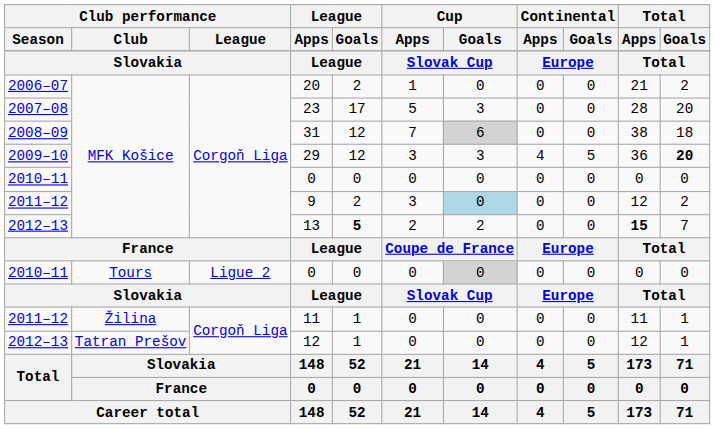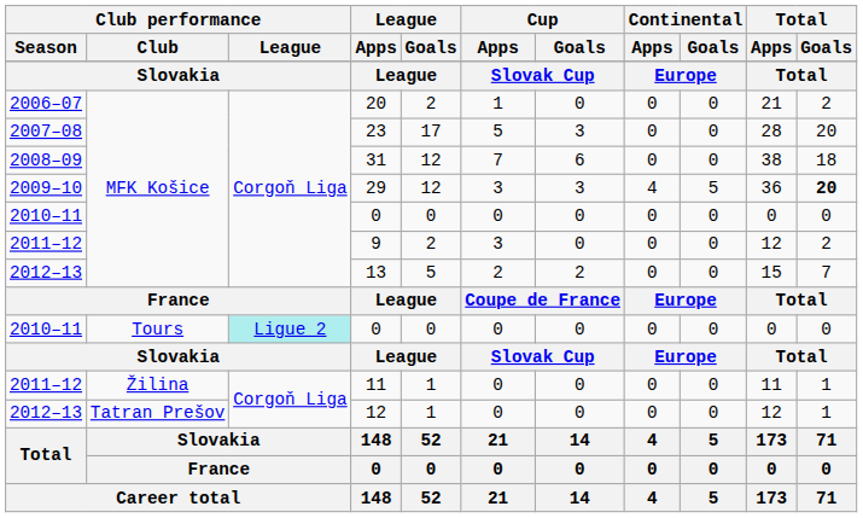 <table class="wikitable" style="text-align:center">
 <tr>
 <th colspan=3>Club performance</th>
 <th colspan=2>League</th>
 <th colspan=2>Cup</th>
 <th colspan=2>Continental</th>
 <th colspan=2>Total</th>
 </tr>
 <tr>
 <th>Season</th>
 <th>Club</th>
 <th>League</th>
 <th>Apps</th>
 <th>Goals</th>
 <th>Apps</th>
 <th>Goals</th>
 <th>Apps</th>
 <th>Goals</th>
 <th>Apps</th>
 <th>Goals</th>
 </tr>
 <tr>
 </tr>
 <tr>
 <th colspan=3>Slovakia</th>
 <th colspan=2>League</th>
 <th colspan=2><a href='#'>Slovak Cup</a></th>
 <th colspan=2><a href='#'>Europe</a></th>
 <th colspan=2>Total</th>
 </tr>
 <tr>
 <td><a href='#'>2006–07</a></td>
 <td rowspan="7"><a href='#'>MFK Košice</a></td>
 <td rowspan="7"><a href='#'>Corgoň Liga</a></td>
 <td>20</td>
 <td>2</td>
 <td>1</td>
 <td>0</td>
 <td>0</td>
 <td>0</td>
 <td>21</td>
 <td>2</td>
 </tr>
 <tr>
 <td><a href='#'>2007–08</a></td>
 <td>23</td>
 <td>17</td>
 <td>5</td>
 <td>3</td>
 <td>0</td>
 <td>0</td>
 <td>28</td>
 <td>20</td>
 </tr>
 <tr>
 <td><a href='#'>2008–09</a></td>
 <td>31</td>
 <td>12</td>
 <td>7</td>
-<td style="background: lightgrey;">6</td>
+<td>6</td>
 <td>0</td>
 <td>0</td>
 <td>38</td>
 <td>18</td>
 </tr>
 <tr>
 <td><a href='#'>2009–10</a></td>
 <td>29</td>
 <td>12</td>
 <td>3</td>
 <td>3</td>
 <td>4</td>
 <td>5</td>
 <td>36</td>
 <td><strong>20</strong></td>
 </tr>
 <tr>
 <td><a href='#'>2010–11</a></td>
 <td>0</td>
 <td>0</td>
 <td>0</td>
 <td>0</td>
 <td>0</td>
 <td>0</td>
 <td>0</td>
 <td>0</td>
 </tr>
 <tr>
 <td><a href='#'>2011–12</a></td>
 <td>9</td>
 <td>2</td>
 <td>3</td>
-<td style="background: lightblue;">0</td>
+<td>0</td>
 <td>0</td>
 <td>0</td>
 <td>12</td>
 <td>2</td>
 </tr>
 <tr>
 <td><a href='#'>2012–13</a></td>
 <td>13</td>
-<td><strong>5</strong></td>
+<td>5</td>
 <td>2</td>
 <td>2</td>
 <td>0</td>
 <td>0</td>
-<td><strong>15</strong></td>
+<td>15</td>
 <td>7</td>
 </tr>
 <tr>
 <th colspan=3>France</th>
 <th colspan=2>League</th>
 <th colspan=2><a href='#'>Coupe de France</a></th>
 <th colspan=2><a href='#'>Europe</a></th>
 <th colspan=2>Total</th>
 </tr>
 <tr>
 <td><a href='#'>2010–11</a></td>
 <td rowspan="1"><a href='#'>Tours</a></td>
-<td rowspan="1"><a href='#'>Ligue 2</a></td>
+<td rowspan="1" style="background: paleturquoise;"><a href='#'>Ligue 2</a></td>
 <td>0</td>
 <td>0</td>
 <td>0</td>
-<td style="background: lightgrey;">0</td>
+<td>0</td>
 <td>0</td>
 <td>0</td>
 <td>0</td>
 <td>0</td>
 </tr>
 <tr>
 <th colspan=3>Slovakia</th>
 <th colspan=2>League</th>
 <th colspan=2><a href='#'>Slovak Cup</a></th>
 <th colspan=2><a href='#'>Europe</a></th>
 <th colspan=2>Total</th>
 </tr>
 <tr>
 <td><a href='#'>2011–12</a></td>
 <td rowspan="1"><a href='#'>Žilina</a></td>
 <td rowspan="2"><a href='#'>Corgoň Liga</a></td>
 <td>11</td>
 <td>1</td>
 <td>0</td>
 <td>0</td>
 <td>0</td>
 <td>0</td>
 <td>11</td>
 <td>1</td>
 </tr>
 <tr>
 <td><a href='#'>2012–13</a></td>
 <td rowspan="1"><a href='#'>Tatran Prešov</a></td>
 <td>12</td>
 <td>1</td>
 <td>0</td>
 <td>0</td>
 <td>0</td>
 <td>0</td>
 <td>12</td>
 <td>1</td>
 </tr>
 <tr>
 <th rowspan=2>Total</th>
 <th colspan=2>Slovakia</th>
 <th>148</th>
 <th>52</th>
 <th>21</th>
 <th>14</th>
 <th>4</th>
 <th>5</th>
 <th>173</th>
 <th>71</th>
 </tr>
 <tr>
 <th colspan=2>France</th>
 <th>0</th>
 <th>0</th>
 <th>0</th>
 <th>0</th>
 <th>0</th>
 <th>0</th>
 <th>0</th>
 <th>0</th>
 </tr>
 <tr>
 <th colspan=3>Career total</th>
 <th>148</th>
 <th>52</th>
 <th>21</th>
 <th>14</th>
 <th>4</th>
 <th>5</th>
 <th>173</th>
 <th>71</th>
 </tr>
 </table>
